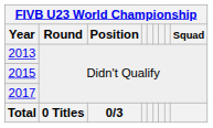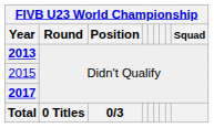 <table class="wikitable" style="text-align: center;">
 <tr>
 <th colspan=9><a href='#'>FIVB U23 World Championship</a>  </th>
 </tr>
 <tr>
 <th>Year</th>
 <th>Round</th>
 <th>Position</th>
 <th></th>
 <th></th>
 <th></th>
 <th></th>
 <th></th>
 <th><small>Squad</small></th>
 </tr>
 <tr bgcolor="efefef">
-<td> <a href='#'>2013</a></td>
+<td><strong> <a href='#'>2013</a></strong></td>
 <td colspan=9 rowspan=3>Didn't Qualify</td>
 </tr>
 <tr bgcolor="efefef">
 <td> <a href='#'>2015</a></td>
 </tr>
 <tr bgcolor="efefef">
-<td> <a href='#'>2017</a></td>
+<td><strong> <a href='#'>2017</a></strong></td>
 </tr>
 <tr>
 <th>Total</th>
 <th>0 Titles</th>
 <th>0/3</th>
 <th></th>
 <th></th>
 <th></th>
 <th></th>
 <th></th>
 <th></th>
 </tr>
 </table>
